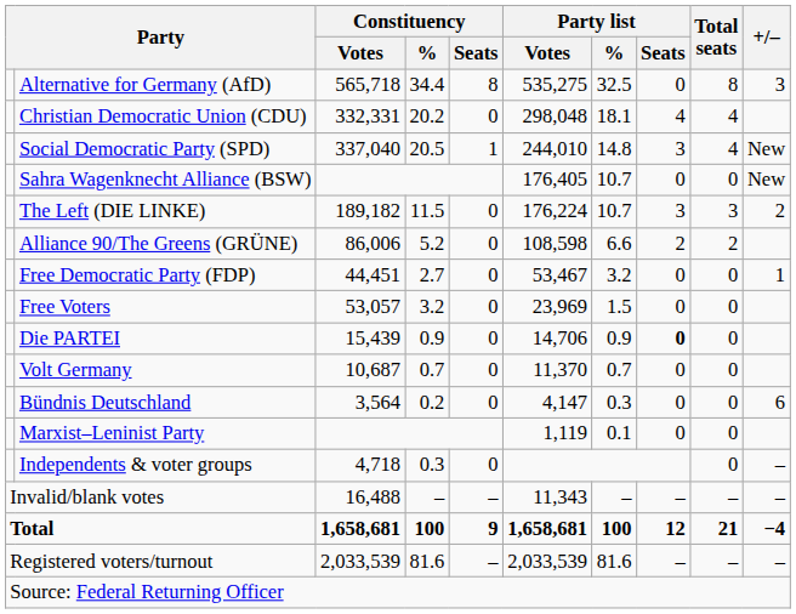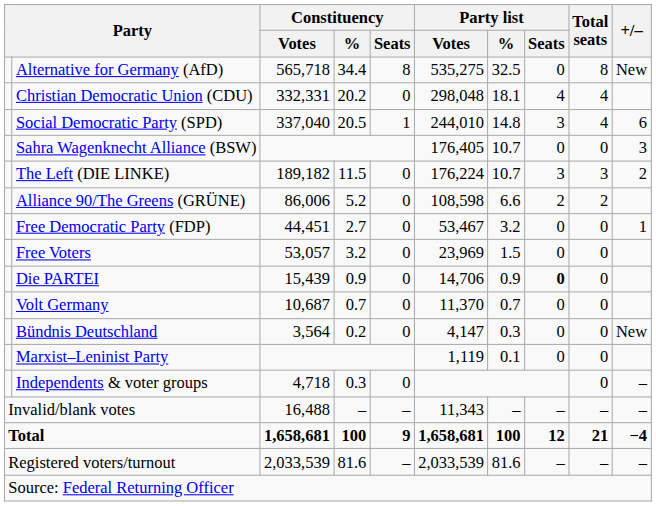 <table class="wikitable" style="text-align:right">
 <tr>
 <th colspan="2" rowspan="2">Party</th>
 <th colspan="3">Constituency</th>
 <th colspan="3">Party list</th>
 <th rowspan="2">Total<br>seats</th>
 <th rowspan="2">+/–</th>
 </tr>
 <tr>
 <th>Votes</th>
 <th>%</th>
 <th>Seats</th>
 <th>Votes</th>
 <th>%</th>
 <th>Seats</th>
 </tr>
 <tr>
 <td></td>
 <td align="left"><a href='#'>Alternative for Germany</a> (AfD)</td>
 <td>565,718</td>
 <td>34.4</td>
 <td>8</td>
 <td>535,275</td>
 <td>32.5</td>
 <td>0</td>
 <td>8</td>
-<td> 3</td>
+<td>New</td>
 </tr>
 <tr>
 <td></td>
 <td align="left"><a href='#'>Christian Democratic Union</a> (CDU)</td>
 <td>332,331</td>
 <td>20.2</td>
 <td>0</td>
 <td>298,048</td>
 <td>18.1</td>
 <td>4</td>
 <td>4</td>
 <td></td>
 </tr>
 <tr>
 <td></td>
 <td align="left"><a href='#'>Social Democratic Party</a> (SPD)</td>
 <td>337,040</td>
 <td>20.5</td>
 <td>1</td>
 <td>244,010</td>
 <td>14.8</td>
 <td>3</td>
 <td>4</td>
-<td>New</td>
+<td> 6</td>
 </tr>
 <tr>
 <td style="background-color:"></td>
 <td align="left"><a href='#'>Sahra Wagenknecht Alliance</a> (BSW)</td>
 <td colspan="3"></td>
 <td>176,405</td>
 <td>10.7</td>
 <td>0</td>
 <td>0</td>
-<td>New</td>
+<td> 3</td>
 </tr>
 <tr>
 <td></td>
 <td align="left"><a href='#'>The Left</a> (DIE LINKE)</td>
 <td>189,182</td>
 <td>11.5</td>
 <td>0</td>
 <td>176,224</td>
 <td>10.7</td>
 <td>3</td>
 <td>3</td>
 <td> 2</td>
 </tr>
 <tr>
 <td></td>
 <td align="left"><a href='#'>Alliance 90/The Greens</a> (GRÜNE)</td>
 <td>86,006</td>
 <td>5.2</td>
 <td>0</td>
 <td>108,598</td>
 <td>6.6</td>
 <td>2</td>
 <td>2</td>
 <td></td>
 </tr>
 <tr>
 <td></td>
 <td align="left"><a href='#'>Free Democratic Party</a> (FDP)</td>
 <td>44,451</td>
 <td>2.7</td>
 <td>0</td>
 <td>53,467</td>
 <td>3.2</td>
 <td>0</td>
 <td>0</td>
 <td> 1</td>
 </tr>
 <tr>
 <td style="background-color:"></td>
 <td align="left"><a href='#'>Free Voters</a></td>
 <td>53,057</td>
 <td>3.2</td>
 <td>0</td>
 <td>23,969</td>
 <td>1.5</td>
 <td>0</td>
 <td>0</td>
 <td></td>
 </tr>
 <tr>
 <td style="background-color:"></td>
 <td align="left"><a href='#'>Die PARTEI</a></td>
 <td>15,439</td>
 <td>0.9</td>
 <td>0</td>
 <td>14,706</td>
 <td>0.9</td>
 <td><strong>0</strong></td>
 <td>0</td>
 <td></td>
 </tr>
 <tr>
 <td style="background-color:"></td>
 <td align="left"><a href='#'>Volt Germany</a></td>
 <td>10,687</td>
 <td>0.7</td>
 <td>0</td>
 <td>11,370</td>
 <td>0.7</td>
 <td>0</td>
 <td>0</td>
 <td></td>
 </tr>
 <tr>
 <td style="background-color:"></td>
 <td align="left"><a href='#'>Bündnis Deutschland</a></td>
 <td>3,564</td>
 <td>0.2</td>
 <td>0</td>
 <td>4,147</td>
 <td>0.3</td>
 <td>0</td>
 <td>0</td>
-<td> 6</td>
+<td>New</td>
 </tr>
 <tr>
 <td style="background-color:"></td>
 <td align="left"><a href='#'>Marxist–Leninist Party</a></td>
 <td colspan="3"></td>
 <td>1,119</td>
 <td>0.1</td>
 <td>0</td>
 <td>0</td>
 <td></td>
 </tr>
 <tr>
 <td style="background-color:"></td>
 <td align="left"><a href='#'>Independents</a> & voter groups</td>
 <td>4,718</td>
 <td>0.3</td>
 <td>0</td>
 <td colspan="3"></td>
 <td>0</td>
 <td>–</td>
 </tr>
 <tr>
 <td colspan="2" align="left">Invalid/blank votes</td>
 <td>16,488</td>
 <td>–</td>
 <td>–</td>
 <td>11,343</td>
 <td>–</td>
 <td>–</td>
 <td>–</td>
 <td>–</td>
 </tr>
 <tr>
 <td colspan="2" align="left"><strong>Total</strong></td>
 <td><strong>1,658,681</strong></td>
 <td><strong>100</strong></td>
 <td><strong>9</strong></td>
 <td><strong>1,658,681</strong></td>
 <td><strong>100</strong></td>
 <td><strong>12</strong></td>
 <td><strong>21</strong></td>
 <td><strong>−4</strong></td>
 </tr>
 <tr>
 <td colspan="2" align="left">Registered voters/turnout</td>
 <td>2,033,539</td>
 <td>81.6</td>
 <td>–</td>
 <td>2,033,539</td>
 <td>81.6</td>
 <td>–</td>
 <td>–</td>
 <td>–</td>
 </tr>
 <tr>
 <td colspan="10" align="left">Source: <a href='#'>Federal Returning Officer</a></td>
 </tr>
 </table>
